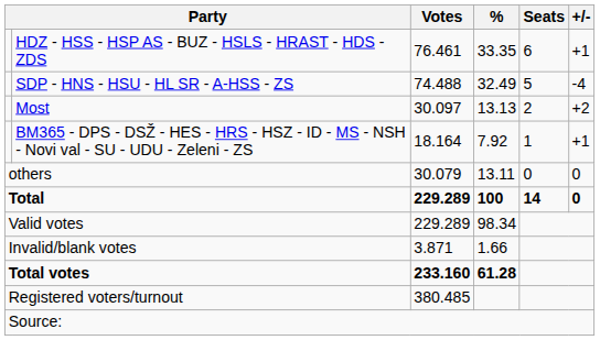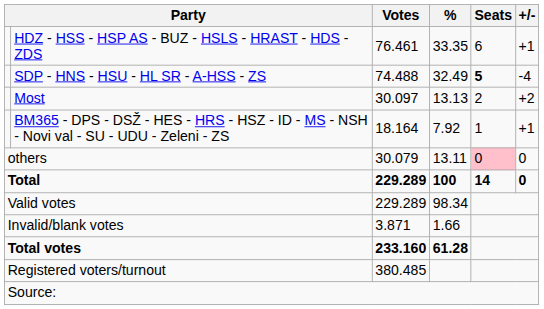 <table class="wikitable" style="text-align: left;">
 <tr>
 <th colspan="2">Party</th>
 <th>Votes</th>
 <th>%</th>
 <th>Seats</th>
 <th>+/-</th>
 </tr>
 <tr>
 <td style="background-color: "></td>
 <td><a href='#'>HDZ</a> - <a href='#'>HSS</a> - <a href='#'>HSP AS</a> - BUZ - <a href='#'>HSLS</a> - <a href='#'>HRAST</a> - <a href='#'>HDS</a> - <a href='#'>ZDS</a></td>
 <td>76.461</td>
 <td>33.35</td>
 <td>6</td>
 <td>+1</td>
 </tr>
 <tr>
 <td style="background-color: "></td>
 <td><a href='#'>SDP</a> - <a href='#'>HNS</a> - <a href='#'>HSU</a> - <a href='#'>HL SR</a> - <a href='#'>A-HSS</a> - <a href='#'>ZS</a></td>
 <td>74.488</td>
 <td>32.49</td>
-<td>5</td>
+<td><strong>5</strong></td>
 <td>-4</td>
 </tr>
 <tr>
 <td style="background-color: "></td>
 <td><a href='#'>Most</a></td>
 <td>30.097</td>
 <td>13.13</td>
 <td>2</td>
 <td>+2</td>
 </tr>
 <tr>
 <td style="background-color: "></td>
 <td><a href='#'>BM365</a> - DPS - DSŽ - HES - <a href='#'>HRS</a> - HSZ - ID - <a href='#'>MS</a> - NSH - Novi val - SU - UDU - Zeleni - ZS</td>
 <td>18.164</td>
 <td>7.92</td>
 <td>1</td>
 <td>+1</td>
 </tr>
 <tr>
 <td colspan="2">others</td>
 <td>30.079</td>
 <td>13.11</td>
-<td>0</td>
+<td style="background: pink;">0</td>
 <td>0</td>
 </tr>
 <tr>
 <td colspan="2"><strong>Total</strong></td>
 <td><strong>229.289</strong></td>
 <td><strong>100</strong></td>
 <td><strong>14</strong></td>
 <td><strong>0</strong></td>
 </tr>
 <tr>
 <td colspan="2">Valid votes</td>
 <td>229.289</td>
 <td>98.34</td>
 <td colspan="2"></td>
 </tr>
 <tr>
 <td colspan="2">Invalid/blank votes</td>
 <td>3.871</td>
 <td>1.66</td>
 <td colspan="2"></td>
 </tr>
 <tr>
 <td colspan="2"><strong>Total votes</strong></td>
 <td><strong>233.160</strong></td>
 <td><strong>61.28</strong></td>
 <td colspan="2"></td>
 </tr>
 <tr>
 <td colspan="2">Registered voters/turnout</td>
 <td votes14="5343">380.485</td>
 <td></td>
 <td colspan="2"></td>
 </tr>
 <tr>
 <td colspan="6">Source: </td>
 </tr>
 </table>
